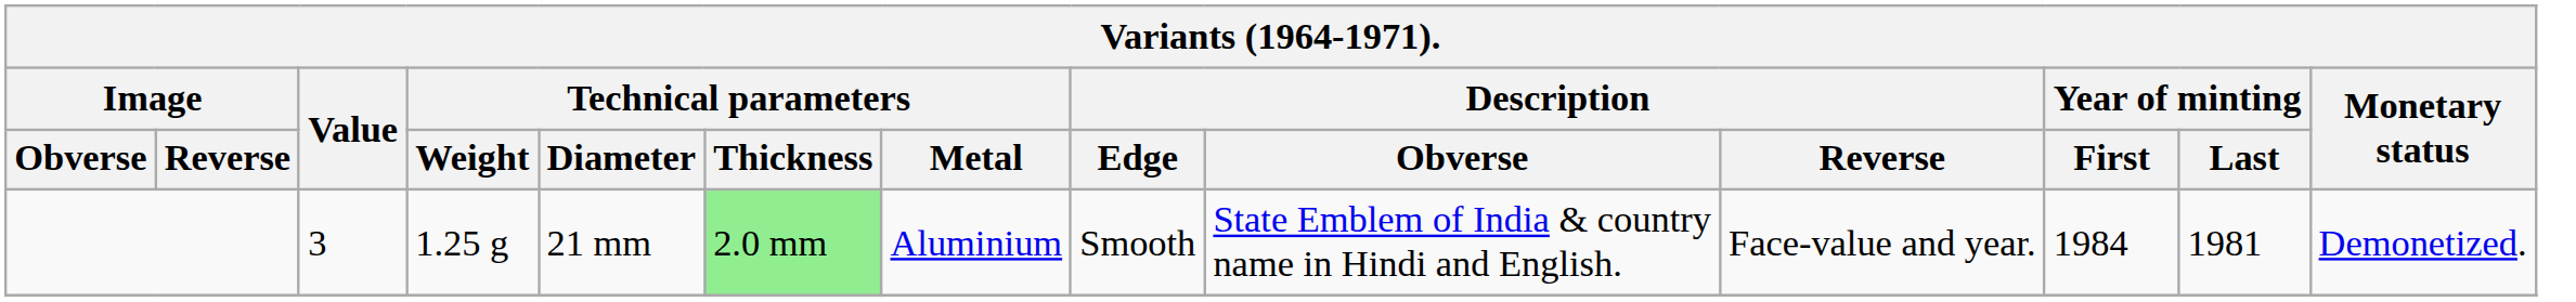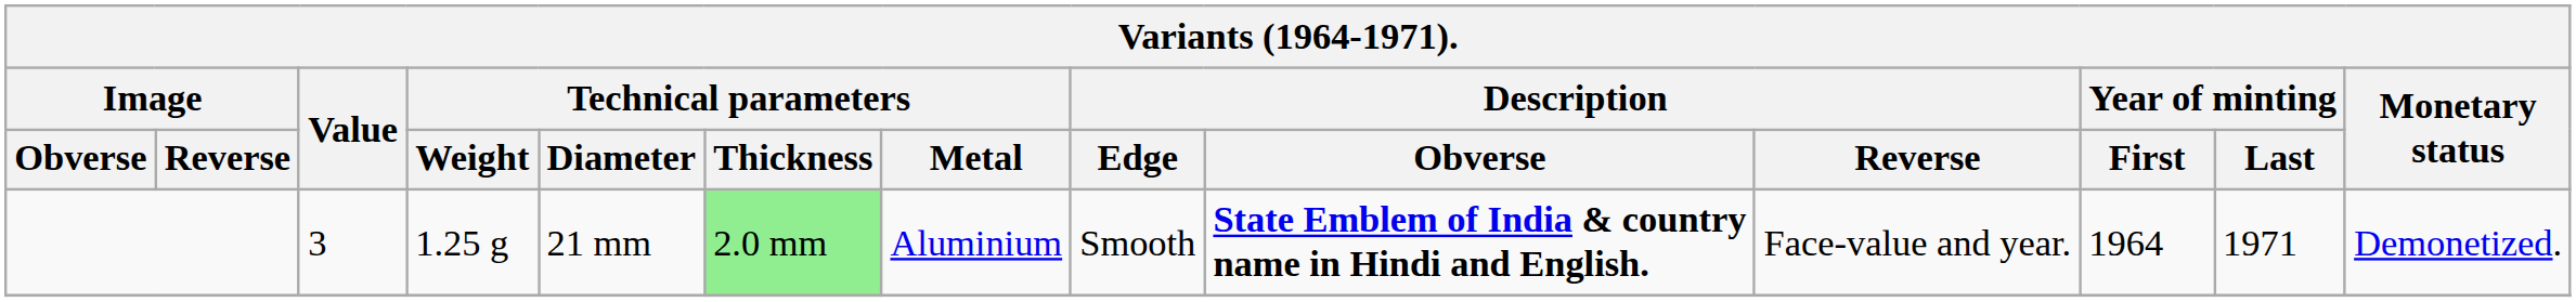 <table class="wikitable" style="font-size:90%">
 <tr>
 <th colspan="13">Variants (1964-1971).</th>
 </tr>
 <tr>
 <th colspan="2">Image</th>
 <th rowspan="2">Value</th>
 <th colspan="4">Technical parameters</th>
 <th colspan="3">Description</th>
 <th colspan="2">Year of minting</th>
 <th rowspan="2">Monetary<br>status</th>
 </tr>
 <tr>
 <th>Obverse</th>
 <th>Reverse</th>
 <th>Weight</th>
 <th>Diameter</th>
 <th>Thickness</th>
 <th>Metal</th>
 <th>Edge</th>
 <th>Obverse</th>
 <th>Reverse</th>
 <th>First</th>
 <th>Last</th>
 </tr>
 <tr>
 <td colspan="2"></td>
 <td>3</td>
 <td>1.25 g</td>
 <td>21 mm</td>
 <td style="background: lightgreen;">2.0 mm</td>
 <td><a href='#'>Aluminium</a></td>
 <td>Smooth</td>
-<td><a href='#'>State Emblem of India</a> & country<br>name in Hindi and English.</td>
+<td><strong><a href='#'>State Emblem of India</a> & country<br>name in Hindi and English.</strong></td>
 <td>Face-value and year.</td>
-<td>1984</td>
-<td>1981</td>
+<td>1964</td>
+<td>1971</td>
 <td><a href='#'>Demonetized</a>.</td>
 </tr>
 <tr>
 </tr>
 </table>
